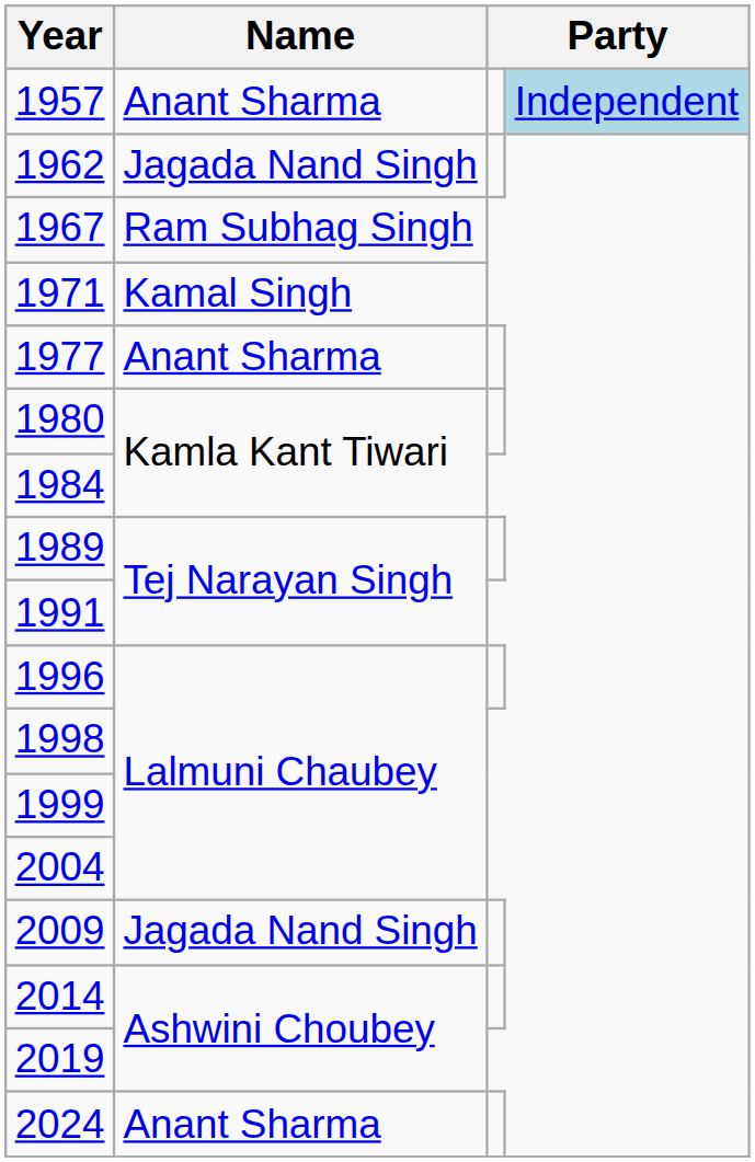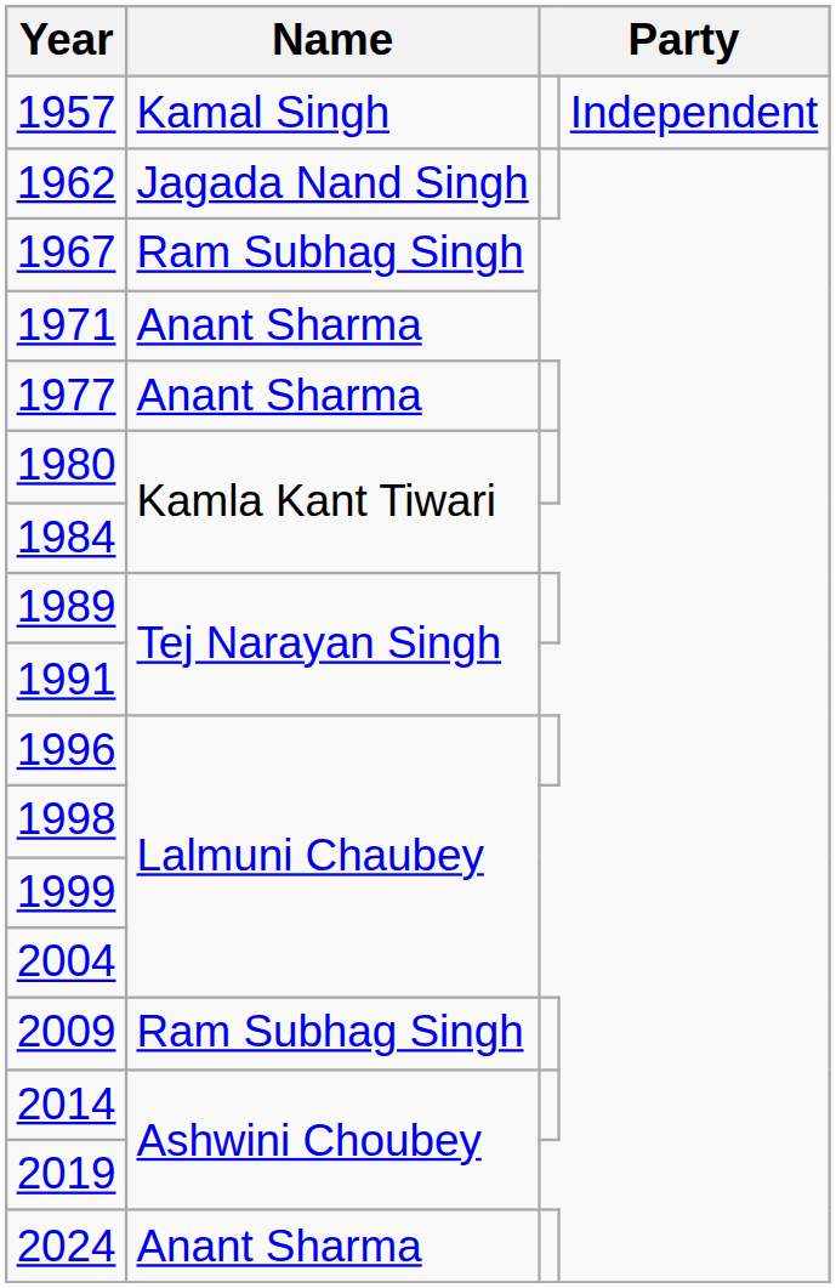 <table class="wikitable">
 <tr>
 <th>Year</th>
 <th>Name</th>
 <th colspan="2">Party</th>
 </tr>
 <tr>
 <td><a href='#'>1957</a></td>
-<td><a href='#'>Anant Sharma</a></td>
+<td><a href='#'>Kamal Singh</a></td>
 <td style="background-color: "></td>
-<td style="background: lightblue;"><a href='#'>Independent</a></td>
+<td><a href='#'>Independent</a></td>
 </tr>
 <tr>
 <td><a href='#'>1962</a></td>
 <td><a href='#'>Jagada Nand Singh</a></td>
 <td></td>
 </tr>
 <tr>
 <td><a href='#'>1967</a></td>
 <td><a href='#'>Ram Subhag Singh</a></td>
 </tr>
 <tr>
 <td><a href='#'>1971</a></td>
-<td><a href='#'>Kamal Singh</a></td>
+<td><a href='#'>Anant Sharma</a></td>
 </tr>
 <tr>
 <td><a href='#'>1977</a></td>
 <td><a href='#'>Anant Sharma</a></td>
 <td></td>
 </tr>
 <tr>
 <td><a href='#'>1980</a></td>
 <td rowspan="2">Kamla Kant Tiwari</td>
 <td></td>
 </tr>
 <tr>
 <td><a href='#'>1984</a></td>
 </tr>
 <tr>
 <td><a href='#'>1989</a></td>
 <td rowspan="2"><a href='#'>Tej Narayan Singh</a></td>
 <td></td>
 </tr>
 <tr>
 <td><a href='#'>1991</a></td>
 </tr>
 <tr>
 <td><a href='#'>1996</a></td>
 <td rowspan="4"><a href='#'>Lalmuni Chaubey</a></td>
 <td></td>
 </tr>
 <tr>
 <td><a href='#'>1998</a></td>
 </tr>
 <tr>
 <td><a href='#'>1999</a></td>
 </tr>
 <tr>
 <td><a href='#'>2004</a></td>
 </tr>
 <tr>
 <td><a href='#'>2009</a></td>
-<td><a href='#'>Jagada Nand Singh</a></td>
+<td><a href='#'>Ram Subhag Singh</a></td>
 <td></td>
 </tr>
 <tr>
 <td><a href='#'>2014</a></td>
 <td rowspan="2"><a href='#'>Ashwini Choubey</a></td>
 <td></td>
 </tr>
 <tr>
 <td><a href='#'>2019</a></td>
 </tr>
 <tr>
 <td><a href='#'>2024</a></td>
 <td><a href='#'>Anant Sharma</a></td>
 <td></td>
 </tr>
 </table>
